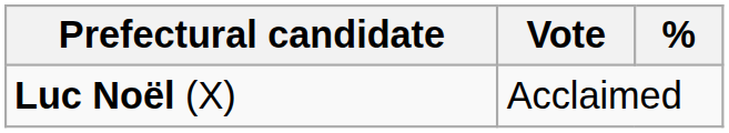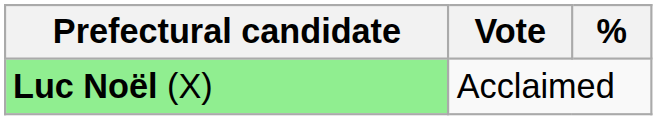 <table class="wikitable">
 <tr>
 <th bgcolor="#DDDDFF" width="200px">Prefectural candidate</th>
 <th bgcolor="#DDDDFF" width="50px">Vote</th>
 <th bgcolor="#DDDDFF" width="30px">%</th>
 </tr>
 <tr>
-<td><strong>Luc Noël</strong> (X)</td>
+<td style="background: lightgreen;"><strong>Luc Noël</strong> (X)</td>
 <td colspan="2">Acclaimed</td>
 </tr>
 </table>
